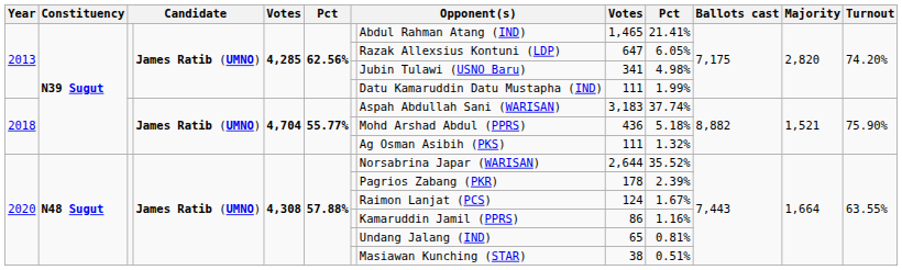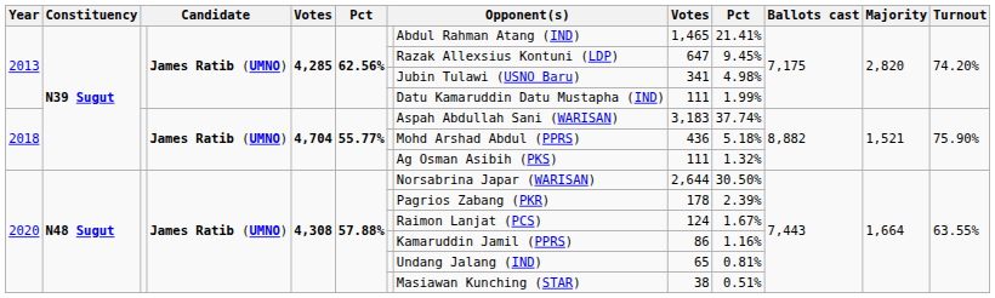 <table class="wikitable" style="margin:0.5em ; font-size:95%">
 <tr>
 <th>Year</th>
 <th>Constituency</th>
 <th colspan=2>Candidate</th>
 <th>Votes</th>
 <th>Pct</th>
 <th colspan=2>Opponent(s)</th>
 <th>Votes</th>
 <th>Pct</th>
 <th>Ballots cast</th>
 <th>Majority</th>
 <th>Turnout</th>
 </tr>
 <tr>
 <td rowspan=4><a href='#'>2013</a></td>
 <td rowspan=7><strong>N39 <a href='#'>Sugut</a></strong></td>
 <td rowspan=4 ></td>
 <td rowspan=4><strong>James Ratib</strong> (<a href='#'><strong>UMNO</strong></a>)</td>
 <td rowspan=4 align="right"><strong>4,285</strong></td>
 <td rowspan=4><strong>62.56%</strong></td>
 <td></td>
 <td>Abdul Rahman Atang (<a href='#'>IND</a>)</td>
 <td align="right">1,465</td>
 <td>21.41%</td>
 <td rowspan=4>7,175</td>
 <td rowspan=4>2,820</td>
 <td rowspan=4>74.20%</td>
 </tr>
 <tr>
 <td></td>
 <td>Razak Allexsius Kontuni (<a href='#'>LDP</a>)</td>
 <td align="right">647</td>
-<td align="right">6.05%</td>
+<td align="right">9.45%</td>
 </tr>
 <tr>
 <td></td>
 <td>Jubin Tulawi (<a href='#'>USNO Baru</a>)</td>
 <td align="right">341</td>
 <td align="right">4.98%</td>
 </tr>
 <tr>
 <td></td>
 <td>Datu Kamaruddin Datu Mustapha (<a href='#'>IND</a>)</td>
 <td align="right">111</td>
 <td align="right">1.99%</td>
 </tr>
 <tr>
 <td rowspan=3><a href='#'>2018</a></td>
 <td rowspan=3 ></td>
 <td rowspan=3><strong>James Ratib</strong> (<a href='#'><strong>UMNO</strong></a>)</td>
 <td rowspan=3 align="right"><strong>4,704</strong></td>
 <td rowspan=3><strong>55.77%</strong></td>
 <td></td>
 <td>Aspah Abdullah Sani (<a href='#'>WARISAN</a>)</td>
 <td align="right">3,183</td>
 <td>37.74%</td>
 <td rowspan=3>8,882</td>
 <td rowspan=3>1,521</td>
 <td rowspan=3>75.90%</td>
 </tr>
 <tr>
 <td></td>
 <td>Mohd Arshad Abdul (<a href='#'>PPRS</a>)</td>
 <td align="right">436</td>
 <td align="right">5.18%</td>
 </tr>
 <tr>
 <td></td>
 <td>Ag Osman Asibih (<a href='#'>PKS</a>)</td>
 <td align="right">111</td>
 <td align="right">1.32%</td>
 </tr>
 <tr>
 <td rowspan=6><a href='#'>2020</a></td>
 <td rowspan=6><strong>N48 <a href='#'>Sugut</a></strong></td>
 <td rowspan=6 ></td>
 <td rowspan=6><strong>James Ratib</strong> (<a href='#'><strong>UMNO</strong></a>)</td>
 <td rowspan=6 align="right"><strong>4,308</strong></td>
 <td rowspan=6><strong>57.88%</strong></td>
 <td></td>
 <td>Norsabrina Japar (<a href='#'>WARISAN</a>)</td>
 <td align="right">2,644</td>
-<td>35.52%</td>
+<td>30.50%</td>
 <td rowspan=6>7,443</td>
 <td rowspan=6>1,664</td>
 <td rowspan=6>63.55%</td>
 </tr>
 <tr>
 <td bgcolor=></td>
 <td>Pagrios Zabang (<a href='#'>PKR</a>)</td>
 <td align="right">178</td>
 <td align=right>2.39%</td>
 </tr>
 <tr>
 <td></td>
 <td>Raimon Lanjat (<a href='#'>PCS</a>)</td>
 <td align="right">124</td>
 <td align=right>1.67%</td>
 </tr>
 <tr>
 <td></td>
 <td>Kamaruddin Jamil (<a href='#'>PPRS</a>)</td>
 <td align="right">86</td>
 <td align=right>1.16%</td>
 </tr>
 <tr>
 <td></td>
 <td>Undang Jalang (<a href='#'>IND</a>)</td>
 <td align="right">65</td>
 <td align=right>0.81%</td>
 </tr>
 <tr>
 <td bgcolor=></td>
 <td>Masiawan Kunching (<a href='#'>STAR</a>)</td>
 <td align="right">38</td>
 <td align=right>0.51%</td>
 </tr>
 </table>
